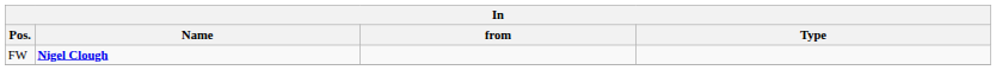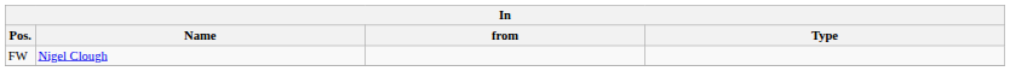 <table class="wikitable" style="font-size:100%;width:99%;">
 <tr>
 <th colspan="4">In</th>
 </tr>
 <tr>
 <th width=3%>Pos.</th>
 <th width=33%>Name</th>
 <th width=28%>from</th>
 <th width=36%>Type</th>
 </tr>
 <tr>
 <td>FW</td>
-<td><strong><a href='#'>Nigel Clough</a></strong></td>
+<td><a href='#'>Nigel Clough</a></td>
 <td></td>
 <td></td>
 </tr>
 <tr>
 </tr>
 </table>
